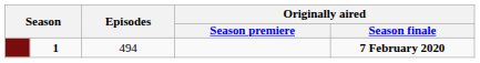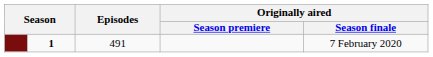 <table class="wikitable" style="width:100%; text-align:center">
 <tr>
 <th style="padding: 0 8px;" colspan="2" rowspan="2">Season</th>
 <th style="padding: 0 8px;" rowspan="2">Episodes</th>
 <th colspan="2">Originally aired</th>
 </tr>
 <tr>
 <th style="padding: 0 8px;"><a href='#'>Season premiere</a></th>
 <th style="padding: 0 8px;"><a href='#'>Season finale</a></th>
 </tr>
 <tr>
 <td style="background:#7b0c0c"></td>
 <td><strong>1</strong></td>
-<td>494</td>
+<td>491</td>
 <td></td>
-<td><strong>7 February 2020</strong></td>
+<td>7 February 2020</td>
 </tr>
 </table>
